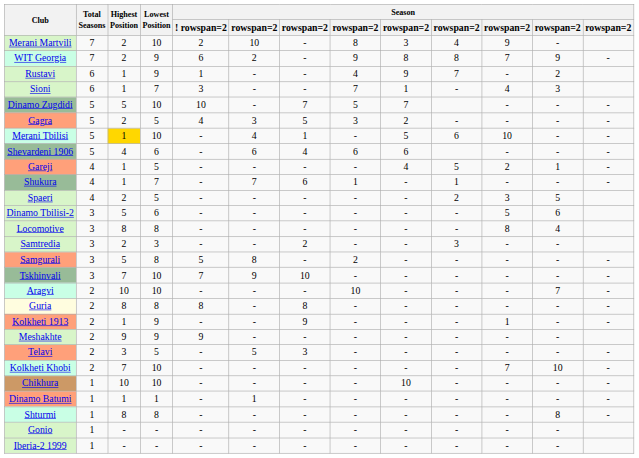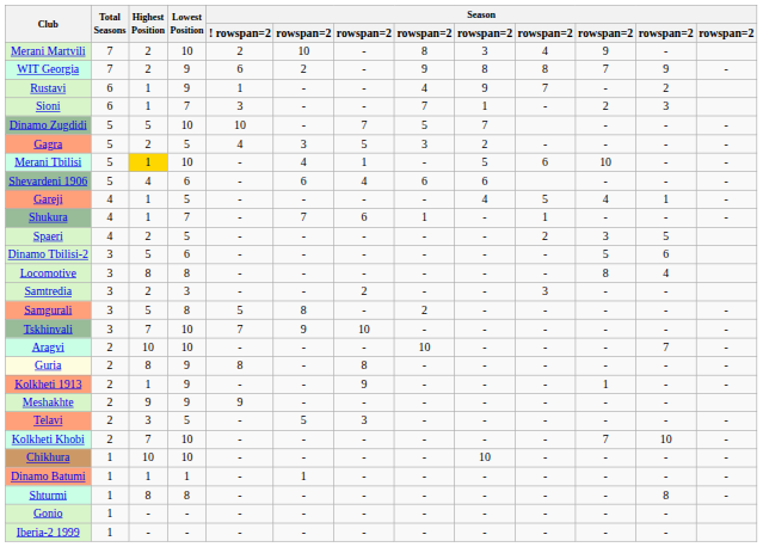 <table class="wikitable sortable" style="text-align:center;">
 <tr>
 <th rowspan=2><small>Club</small></th>
 <th rowspan=2><small>Total <br> Seasons </small></th>
 <th rowspan=2><small> Highest <br>Position</small></th>
 <th rowspan=2><small> Lowest <br>Position</small></th>
 <th colspan=18><small> Season</small></th>
 </tr>
 <tr>
 <th>! rowspan=2 </th>
 <th>rowspan=2 </th>
 <th>rowspan=2 </th>
 <th>rowspan=2 </th>
 <th>rowspan=2 </th>
 <th>rowspan=2 </th>
 <th>rowspan=2 </th>
 <th>rowspan=2 </th>
 <th>rowspan=2 </th>
 </tr>
 <tr>
 <td style="background:#D8F5C9"><a href='#'>Merani Martvili</a></td>
 <td>7</td>
 <td>2</td>
 <td>10</td>
 <td>2</td>
 <td>10</td>
 <td>-</td>
 <td>8</td>
 <td>3</td>
 <td>4</td>
 <td>9</td>
 <td>-</td>
 <td></td>
 </tr>
 <tr>
 <td style="background:#C9FFE5"><a href='#'>WIT Georgia</a></td>
 <td>7</td>
 <td>2</td>
 <td>9</td>
 <td>6</td>
 <td>2</td>
 <td>-</td>
 <td>9</td>
 <td>8</td>
 <td>8</td>
 <td>7</td>
 <td>9</td>
 <td>-</td>
 </tr>
 <tr>
 <td style="background:#D8F5C9"><a href='#'>Rustavi</a></td>
 <td>6</td>
 <td>1</td>
 <td>9</td>
 <td>1</td>
 <td>-</td>
 <td>-</td>
 <td>4</td>
 <td>9</td>
 <td>7</td>
 <td>-</td>
 <td>2</td>
 <td></td>
 </tr>
 <tr>
 <td style="background:#D8F5C9"><a href='#'>Sioni</a></td>
 <td>6</td>
 <td>1</td>
 <td>7</td>
 <td>3</td>
 <td>-</td>
 <td>-</td>
 <td>7</td>
 <td>1</td>
 <td>-</td>
-<td>4</td>
+<td>2</td>
 <td>3</td>
 <td></td>
 </tr>
 <tr>
 <td style="background:#98bb98"><a href='#'>Dinamo Zugdidi</a></td>
 <td>5</td>
 <td>5</td>
 <td>10</td>
 <td>10</td>
 <td>-</td>
 <td>7</td>
 <td>5</td>
 <td>7</td>
 <td></td>
 <td>-</td>
 <td>-</td>
 <td>-</td>
 </tr>
 <tr>
 <td style="background:#ffa07a;"><a href='#'>Gagra</a></td>
 <td>5</td>
 <td>2</td>
 <td>5</td>
 <td>4</td>
 <td>3</td>
 <td>5</td>
 <td>3</td>
 <td>2</td>
 <td>-</td>
 <td>-</td>
 <td>-</td>
 <td>-</td>
 </tr>
 <tr>
 <td style="background:#C9FFE5"><a href='#'>Merani Tbilisi</a></td>
 <td>5</td>
 <td style="background: gold;">1</td>
 <td>10</td>
 <td>-</td>
 <td>4</td>
 <td>1</td>
 <td>-</td>
 <td>5</td>
 <td>6</td>
 <td>10</td>
 <td>-</td>
 <td>-</td>
 </tr>
 <tr>
 <td style="background:#98bb98"><a href='#'>Shevardeni 1906</a></td>
 <td>5</td>
 <td>4</td>
 <td>6</td>
 <td>-</td>
 <td>6</td>
 <td>4</td>
 <td>6</td>
 <td>6</td>
 <td></td>
 <td>-</td>
 <td>-</td>
 <td>-</td>
 </tr>
 <tr>
 <td style="background:#ffa07a;"><a href='#'>Gareji</a></td>
 <td>4</td>
 <td>1</td>
 <td>5</td>
 <td>-</td>
 <td>-</td>
 <td>-</td>
 <td>-</td>
 <td>4</td>
 <td>5</td>
-<td>2</td>
+<td>4</td>
 <td>1</td>
 <td>-</td>
 </tr>
 <tr>
 <td style="background:#98bb98"><a href='#'>Shukura</a></td>
 <td>4</td>
 <td>1</td>
 <td>7</td>
 <td>-</td>
 <td>7</td>
 <td>6</td>
 <td>1</td>
 <td>-</td>
 <td>1</td>
 <td>-</td>
 <td>-</td>
 <td>-</td>
 </tr>
 <tr>
 <td style="background:#D8F5C9"><a href='#'>Spaeri</a></td>
 <td>4</td>
 <td>2</td>
 <td>5</td>
 <td>-</td>
 <td>-</td>
 <td>-</td>
 <td>-</td>
 <td>-</td>
 <td>2</td>
 <td>3</td>
 <td>5</td>
 <td></td>
 </tr>
 <tr>
 <td style="background:#D8F5C9"><a href='#'>Dinamo Tbilisi-2</a></td>
 <td>3</td>
 <td>5</td>
 <td>6</td>
 <td>-</td>
 <td>-</td>
 <td>-</td>
 <td>-</td>
 <td>-</td>
 <td>-</td>
 <td>5</td>
 <td>6</td>
 <td></td>
 </tr>
 <tr>
 <td style="background:#D8F5C9"><a href='#'>Locomotive</a></td>
 <td>3</td>
 <td>8</td>
 <td>8</td>
 <td>-</td>
 <td>-</td>
 <td>-</td>
 <td>-</td>
 <td>-</td>
 <td>-</td>
 <td>8</td>
 <td>4</td>
 <td></td>
 </tr>
 <tr>
 <td style="background:#D8F5C9"><a href='#'>Samtredia</a></td>
 <td>3</td>
 <td>2</td>
 <td>3</td>
 <td>-</td>
 <td>-</td>
 <td>2</td>
 <td>-</td>
 <td>-</td>
 <td>3</td>
 <td>-</td>
 <td>-</td>
 <td></td>
 </tr>
 <tr>
 <td style="background:#ffa07a;"><a href='#'>Samgurali</a></td>
 <td>3</td>
 <td>5</td>
 <td>8</td>
 <td>5</td>
 <td>8</td>
 <td>-</td>
 <td>2</td>
 <td>-</td>
 <td>-</td>
 <td>-</td>
 <td>-</td>
 <td>-</td>
 </tr>
 <tr>
 <td style="background:#98bb98"><a href='#'>Tskhinvali</a></td>
 <td>3</td>
 <td>7</td>
 <td>10</td>
 <td>7</td>
 <td>9</td>
 <td>10</td>
 <td>-</td>
 <td>-</td>
 <td>-</td>
 <td>-</td>
 <td>-</td>
 <td>-</td>
 </tr>
 <tr>
 <td style="background:#C9FFE5"><a href='#'>Aragvi</a></td>
 <td>2</td>
 <td>10</td>
 <td>10</td>
 <td>-</td>
 <td>-</td>
 <td>-</td>
 <td>10</td>
 <td>-</td>
 <td>-</td>
 <td>-</td>
 <td>7</td>
 <td>-</td>
 </tr>
 <tr>
 <td style="background:#FFFDDF"><a href='#'>Guria</a></td>
 <td>2</td>
 <td>8</td>
-<td>8</td>
+<td>9</td>
 <td>8</td>
 <td>-</td>
 <td>8</td>
 <td>-</td>
 <td>-</td>
 <td>-</td>
 <td>-</td>
 <td>-</td>
 <td>-</td>
 </tr>
 <tr>
 <td style="background:#ffa07a;"><a href='#'>Kolkheti 1913</a></td>
 <td>2</td>
 <td>1</td>
 <td>9</td>
 <td>-</td>
 <td>-</td>
 <td>9</td>
 <td>-</td>
 <td>-</td>
 <td>-</td>
 <td>1</td>
 <td>-</td>
 <td>-</td>
 </tr>
 <tr>
 <td style="background:#D8F5C9"><a href='#'>Meshakhte</a></td>
 <td>2</td>
 <td>9</td>
 <td>9</td>
 <td>9</td>
 <td>-</td>
 <td>-</td>
 <td>-</td>
 <td>-</td>
 <td>-</td>
 <td>-</td>
 <td>-</td>
 <td></td>
 </tr>
 <tr>
 <td style="background:#ffa07a;"><a href='#'>Telavi</a></td>
 <td>2</td>
 <td>3</td>
 <td>5</td>
 <td>-</td>
 <td>5</td>
 <td>3</td>
 <td>-</td>
 <td>-</td>
 <td>-</td>
 <td>-</td>
 <td>-</td>
 <td>-</td>
 </tr>
 <tr>
 <td style="background:#C9FFE5"><a href='#'>Kolkheti Khobi</a></td>
 <td>2</td>
 <td>7</td>
 <td>10</td>
 <td>-</td>
 <td>-</td>
 <td>-</td>
 <td>-</td>
 <td>-</td>
 <td>-</td>
 <td>7</td>
 <td>10</td>
 <td>-</td>
 </tr>
 <tr>
 <td style="background:#cc9966"><a href='#'>Chikhura</a></td>
 <td>1</td>
 <td>10</td>
 <td>10</td>
 <td>-</td>
 <td>-</td>
 <td>-</td>
 <td>-</td>
 <td>10</td>
 <td>-</td>
 <td>-</td>
 <td>-</td>
 <td>-</td>
 </tr>
 <tr>
 <td style="background:#ffa07a;"><a href='#'>Dinamo Batumi</a></td>
 <td>1</td>
 <td>1</td>
 <td>1</td>
 <td>-</td>
 <td>1</td>
 <td>-</td>
 <td>-</td>
 <td>-</td>
 <td>-</td>
 <td>-</td>
 <td>-</td>
 <td>-</td>
 </tr>
 <tr>
 <td style="background:#C9FFE5"><a href='#'>Shturmi</a></td>
 <td>1</td>
 <td>8</td>
 <td>8</td>
 <td>-</td>
 <td>-</td>
 <td>-</td>
 <td>-</td>
 <td>-</td>
 <td>-</td>
 <td>-</td>
 <td>8</td>
 <td>-</td>
 </tr>
 <tr>
 <td style="background:#D8F5C9"><a href='#'>Gonio</a></td>
 <td>1</td>
 <td>-</td>
 <td>-</td>
 <td>-</td>
 <td>-</td>
 <td>-</td>
 <td>-</td>
 <td>-</td>
 <td>-</td>
 <td>-</td>
 <td>-</td>
 <td></td>
 </tr>
 <tr>
 <td style="background:#D8F5C9"><a href='#'>Iberia-2 1999</a></td>
 <td>1</td>
 <td>-</td>
 <td>-</td>
 <td>-</td>
 <td>-</td>
 <td>-</td>
 <td>-</td>
 <td>-</td>
 <td>-</td>
 <td>-</td>
 <td>-</td>
 <td></td>
 </tr>
 </table>
